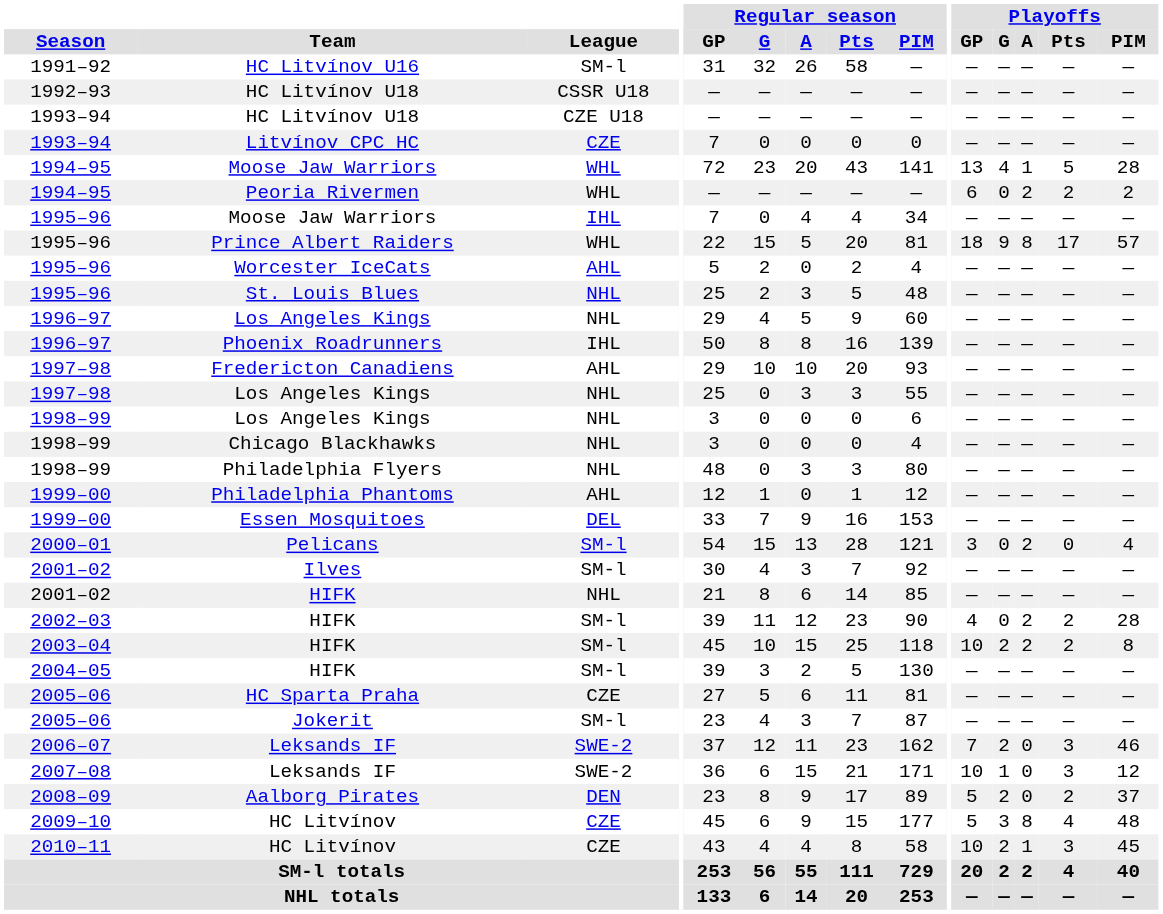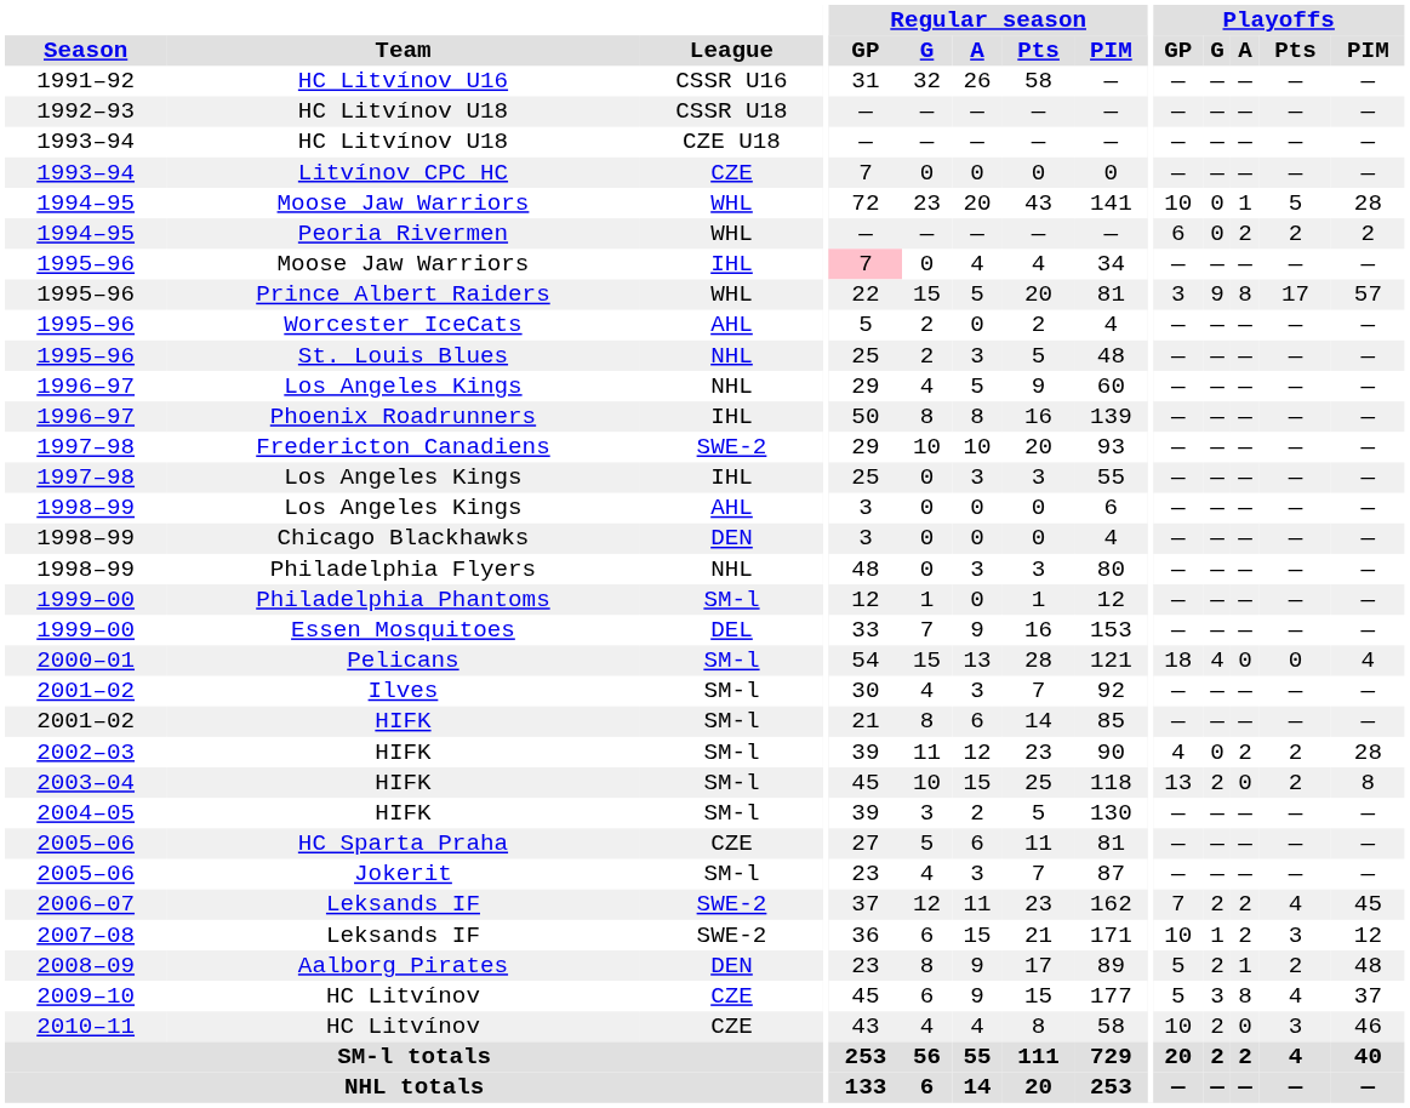 <table border="0" cellpadding="1" cellspacing="0" style="text-align:center; width:60em">
 <tr bgcolor="#e0e0e0">
 <th colspan="3" bgcolor="#ffffff"></th>
 <th rowspan="100" bgcolor="#ffffff"></th>
 <th colspan="5"><a href='#'>Regular season</a></th>
 <th rowspan="100" bgcolor="#ffffff"></th>
 <th colspan="5"><a href='#'>Playoffs</a></th>
 </tr>
 <tr bgcolor="#e0e0e0">
 <th><a href='#'>Season</a></th>
 <th>Team</th>
 <th>League</th>
 <th>GP</th>
 <th><a href='#'>G</a></th>
 <th><a href='#'>A</a></th>
 <th><a href='#'>Pts</a></th>
 <th><a href='#'>PIM</a></th>
 <th>GP</th>
 <th>G</th>
 <th>A</th>
 <th>Pts</th>
 <th>PIM</th>
 </tr>
 <tr>
 <td>1991–92</td>
 <td><a href='#'>HC Litvínov U16</a></td>
-<td>SM-l</td>
+<td>CSSR U16</td>
 <td>31</td>
 <td>32</td>
 <td>26</td>
 <td>58</td>
 <td>—</td>
 <td>—</td>
 <td>—</td>
 <td>—</td>
 <td>—</td>
 <td>—</td>
 </tr>
 <tr bgcolor="#f0f0f0">
 <td>1992–93</td>
 <td>HC Litvínov U18</td>
 <td>CSSR U18</td>
 <td>—</td>
 <td>—</td>
 <td>—</td>
 <td>—</td>
 <td>—</td>
 <td>—</td>
 <td>—</td>
 <td>—</td>
 <td>—</td>
 <td>—</td>
 </tr>
 <tr>
 <td>1993–94</td>
 <td>HC Litvínov U18</td>
 <td>CZE U18</td>
 <td>—</td>
 <td>—</td>
 <td>—</td>
 <td>—</td>
 <td>—</td>
 <td>—</td>
 <td>—</td>
 <td>—</td>
 <td>—</td>
 <td>—</td>
 </tr>
 <tr bgcolor="#f0f0f0">
 <td><a href='#'>1993–94</a></td>
 <td><a href='#'>Litvínov CPC HC</a></td>
 <td><a href='#'>CZE</a></td>
 <td>7</td>
 <td>0</td>
 <td>0</td>
 <td>0</td>
 <td>0</td>
 <td>—</td>
 <td>—</td>
 <td>—</td>
 <td>—</td>
 <td>—</td>
 </tr>
 <tr>
 <td><a href='#'>1994–95</a></td>
 <td><a href='#'>Moose Jaw Warriors</a></td>
 <td><a href='#'>WHL</a></td>
 <td>72</td>
 <td>23</td>
 <td>20</td>
 <td>43</td>
 <td>141</td>
-<td>13</td>
-<td>4</td>
+<td>10</td>
+<td>0</td>
 <td>1</td>
 <td>5</td>
 <td>28</td>
 </tr>
 <tr bgcolor="#f0f0f0">
 <td><a href='#'>1994–95</a></td>
 <td><a href='#'>Peoria Rivermen</a></td>
 <td>WHL</td>
 <td>—</td>
 <td>—</td>
 <td>—</td>
 <td>—</td>
 <td>—</td>
 <td>6</td>
 <td>0</td>
 <td>2</td>
 <td>2</td>
 <td>2</td>
 </tr>
 <tr>
 <td><a href='#'>1995–96</a></td>
 <td>Moose Jaw Warriors</td>
 <td><a href='#'>IHL</a></td>
-<td>7</td>
+<td style="background: pink;">7</td>
 <td>0</td>
 <td>4</td>
 <td>4</td>
 <td>34</td>
 <td>—</td>
 <td>—</td>
 <td>—</td>
 <td>—</td>
 <td>—</td>
 </tr>
 <tr bgcolor="#f0f0f0">
 <td>1995–96</td>
 <td><a href='#'>Prince Albert Raiders</a></td>
 <td>WHL</td>
 <td>22</td>
 <td>15</td>
 <td>5</td>
 <td>20</td>
 <td>81</td>
-<td>18</td>
+<td>3</td>
 <td>9</td>
 <td>8</td>
 <td>17</td>
 <td>57</td>
 </tr>
 <tr>
 <td><a href='#'>1995–96</a></td>
 <td><a href='#'>Worcester IceCats</a></td>
 <td><a href='#'>AHL</a></td>
 <td>5</td>
 <td>2</td>
 <td>0</td>
 <td>2</td>
 <td>4</td>
 <td>—</td>
 <td>—</td>
 <td>—</td>
 <td>—</td>
 <td>—</td>
 </tr>
 <tr bgcolor="#f0f0f0">
 <td><a href='#'>1995–96</a></td>
 <td><a href='#'>St. Louis Blues</a></td>
 <td><a href='#'>NHL</a></td>
 <td>25</td>
 <td>2</td>
 <td>3</td>
 <td>5</td>
 <td>48</td>
 <td>—</td>
 <td>—</td>
 <td>—</td>
 <td>—</td>
 <td>—</td>
 </tr>
 <tr>
 <td><a href='#'>1996–97</a></td>
 <td><a href='#'>Los Angeles Kings</a></td>
 <td>NHL</td>
 <td>29</td>
 <td>4</td>
 <td>5</td>
 <td>9</td>
 <td>60</td>
 <td>—</td>
 <td>—</td>
 <td>—</td>
 <td>—</td>
 <td>—</td>
 </tr>
 <tr bgcolor="#f0f0f0">
 <td><a href='#'>1996–97</a></td>
 <td><a href='#'>Phoenix Roadrunners</a></td>
 <td>IHL</td>
 <td>50</td>
 <td>8</td>
 <td>8</td>
 <td>16</td>
 <td>139</td>
 <td>—</td>
 <td>—</td>
 <td>—</td>
 <td>—</td>
 <td>—</td>
 </tr>
 <tr>
 <td><a href='#'>1997–98</a></td>
 <td><a href='#'>Fredericton Canadiens</a></td>
-<td>AHL</td>
+<td><a href='#'>SWE-2</a></td>
 <td>29</td>
 <td>10</td>
 <td>10</td>
 <td>20</td>
 <td>93</td>
 <td>—</td>
 <td>—</td>
 <td>—</td>
 <td>—</td>
 <td>—</td>
 </tr>
 <tr bgcolor="#f0f0f0">
 <td><a href='#'>1997–98</a></td>
 <td>Los Angeles Kings</td>
-<td>NHL</td>
+<td>IHL</td>
 <td>25</td>
 <td>0</td>
 <td>3</td>
 <td>3</td>
 <td>55</td>
 <td>—</td>
 <td>—</td>
 <td>—</td>
 <td>—</td>
 <td>—</td>
 </tr>
 <tr>
 <td><a href='#'>1998–99</a></td>
 <td>Los Angeles Kings</td>
-<td>NHL</td>
+<td><a href='#'>AHL</a></td>
 <td>3</td>
 <td>0</td>
 <td>0</td>
 <td>0</td>
 <td>6</td>
 <td>—</td>
 <td>—</td>
 <td>—</td>
 <td>—</td>
 <td>—</td>
 </tr>
 <tr bgcolor="#f0f0f0">
 <td>1998–99</td>
 <td>Chicago Blackhawks</td>
-<td>NHL</td>
+<td><a href='#'>DEN</a></td>
 <td>3</td>
 <td>0</td>
 <td>0</td>
 <td>0</td>
 <td>4</td>
 <td>—</td>
 <td>—</td>
 <td>—</td>
 <td>—</td>
 <td>—</td>
 </tr>
 <tr>
 <td>1998–99</td>
 <td>Philadelphia Flyers</td>
 <td>NHL</td>
 <td>48</td>
 <td>0</td>
 <td>3</td>
 <td>3</td>
 <td>80</td>
 <td>—</td>
 <td>—</td>
 <td>—</td>
 <td>—</td>
 <td>—</td>
 </tr>
 <tr bgcolor="#f0f0f0">
 <td><a href='#'>1999–00</a></td>
 <td><a href='#'>Philadelphia Phantoms</a></td>
-<td>AHL</td>
+<td><a href='#'>SM-l</a></td>
 <td>12</td>
 <td>1</td>
 <td>0</td>
 <td>1</td>
 <td>12</td>
 <td>—</td>
 <td>—</td>
 <td>—</td>
 <td>—</td>
 <td>—</td>
 </tr>
 <tr>
 <td><a href='#'>1999–00</a></td>
 <td><a href='#'>Essen Mosquitoes</a></td>
 <td><a href='#'>DEL</a></td>
 <td>33</td>
 <td>7</td>
 <td>9</td>
 <td>16</td>
 <td>153</td>
 <td>—</td>
 <td>—</td>
 <td>—</td>
 <td>—</td>
 <td>—</td>
 </tr>
 <tr bgcolor="#f0f0f0">
 <td><a href='#'>2000–01</a></td>
 <td><a href='#'>Pelicans</a></td>
 <td><a href='#'>SM-l</a></td>
 <td>54</td>
 <td>15</td>
 <td>13</td>
 <td>28</td>
 <td>121</td>
-<td>3</td>
+<td>18</td>
+<td>4</td>
 <td>0</td>
-<td>2</td>
 <td>0</td>
 <td>4</td>
 </tr>
 <tr>
 <td><a href='#'>2001–02</a></td>
 <td><a href='#'>Ilves</a></td>
 <td>SM-l</td>
 <td>30</td>
 <td>4</td>
 <td>3</td>
 <td>7</td>
 <td>92</td>
 <td>—</td>
 <td>—</td>
 <td>—</td>
 <td>—</td>
 <td>—</td>
 </tr>
 <tr bgcolor="#f0f0f0">
 <td>2001–02</td>
 <td><a href='#'>HIFK</a></td>
-<td>NHL</td>
+<td>SM-l</td>
 <td>21</td>
 <td>8</td>
 <td>6</td>
 <td>14</td>
 <td>85</td>
 <td>—</td>
 <td>—</td>
 <td>—</td>
 <td>—</td>
 <td>—</td>
 </tr>
 <tr>
 <td><a href='#'>2002–03</a></td>
 <td>HIFK</td>
 <td>SM-l</td>
 <td>39</td>
 <td>11</td>
 <td>12</td>
 <td>23</td>
 <td>90</td>
 <td>4</td>
 <td>0</td>
 <td>2</td>
 <td>2</td>
 <td>28</td>
 </tr>
 <tr bgcolor="#f0f0f0">
 <td><a href='#'>2003–04</a></td>
 <td>HIFK</td>
 <td>SM-l</td>
 <td>45</td>
 <td>10</td>
 <td>15</td>
 <td>25</td>
 <td>118</td>
-<td>10</td>
+<td>13</td>
 <td>2</td>
-<td>2</td>
+<td>0</td>
 <td>2</td>
 <td>8</td>
 </tr>
 <tr>
 <td><a href='#'>2004–05</a></td>
 <td>HIFK</td>
 <td>SM-l</td>
 <td>39</td>
 <td>3</td>
 <td>2</td>
 <td>5</td>
 <td>130</td>
 <td>—</td>
 <td>—</td>
 <td>—</td>
 <td>—</td>
 <td>—</td>
 </tr>
 <tr bgcolor="#f0f0f0">
 <td><a href='#'>2005–06</a></td>
 <td><a href='#'>HC Sparta Praha</a></td>
 <td>CZE</td>
 <td>27</td>
 <td>5</td>
 <td>6</td>
 <td>11</td>
 <td>81</td>
 <td>—</td>
 <td>—</td>
 <td>—</td>
 <td>—</td>
 <td>—</td>
 </tr>
 <tr>
 <td><a href='#'>2005–06</a></td>
 <td><a href='#'>Jokerit</a></td>
 <td>SM-l</td>
 <td>23</td>
 <td>4</td>
 <td>3</td>
 <td>7</td>
 <td>87</td>
 <td>—</td>
 <td>—</td>
 <td>—</td>
 <td>—</td>
 <td>—</td>
 </tr>
 <tr bgcolor="#f0f0f0">
 <td><a href='#'>2006–07</a></td>
 <td><a href='#'>Leksands IF</a></td>
 <td><a href='#'>SWE-2</a></td>
 <td>37</td>
 <td>12</td>
 <td>11</td>
 <td>23</td>
 <td>162</td>
 <td>7</td>
 <td>2</td>
-<td>0</td>
-<td>3</td>
-<td>46</td>
+<td>2</td>
+<td>4</td>
+<td>45</td>
 </tr>
 <tr>
 <td><a href='#'>2007–08</a></td>
 <td>Leksands IF</td>
 <td>SWE-2</td>
 <td>36</td>
 <td>6</td>
 <td>15</td>
 <td>21</td>
 <td>171</td>
 <td>10</td>
 <td>1</td>
-<td>0</td>
+<td>2</td>
 <td>3</td>
 <td>12</td>
 </tr>
 <tr bgcolor="#f0f0f0">
 <td><a href='#'>2008–09</a></td>
 <td><a href='#'>Aalborg Pirates</a></td>
 <td><a href='#'>DEN</a></td>
 <td>23</td>
 <td>8</td>
 <td>9</td>
 <td>17</td>
 <td>89</td>
 <td>5</td>
 <td>2</td>
-<td>0</td>
+<td>1</td>
 <td>2</td>
-<td>37</td>
+<td>48</td>
 </tr>
 <tr>
 <td><a href='#'>2009–10</a></td>
 <td>HC Litvínov</td>
 <td><a href='#'>CZE</a></td>
 <td>45</td>
 <td>6</td>
 <td>9</td>
 <td>15</td>
 <td>177</td>
 <td>5</td>
 <td>3</td>
 <td>8</td>
 <td>4</td>
-<td>48</td>
+<td>37</td>
 </tr>
 <tr bgcolor="#f0f0f0">
 <td><a href='#'>2010–11</a></td>
 <td>HC Litvínov</td>
 <td>CZE</td>
 <td>43</td>
 <td>4</td>
 <td>4</td>
 <td>8</td>
 <td>58</td>
 <td>10</td>
 <td>2</td>
-<td>1</td>
+<td>0</td>
 <td>3</td>
-<td>45</td>
+<td>46</td>
 </tr>
 <tr bgcolor="#e0e0e0">
 <th colspan="3">SM-l totals</th>
 <th>253</th>
 <th>56</th>
 <th>55</th>
 <th>111</th>
 <th>729</th>
 <th>20</th>
 <th>2</th>
 <th>2</th>
 <th>4</th>
 <th>40</th>
 </tr>
 <tr bgcolor="#e0e0e0">
 <th colspan="3">NHL totals</th>
 <th>133</th>
 <th>6</th>
 <th>14</th>
 <th>20</th>
 <th>253</th>
 <th>—</th>
 <th>—</th>
 <th>—</th>
 <th>—</th>
 <th>—</th>
 </tr>
 </table>
